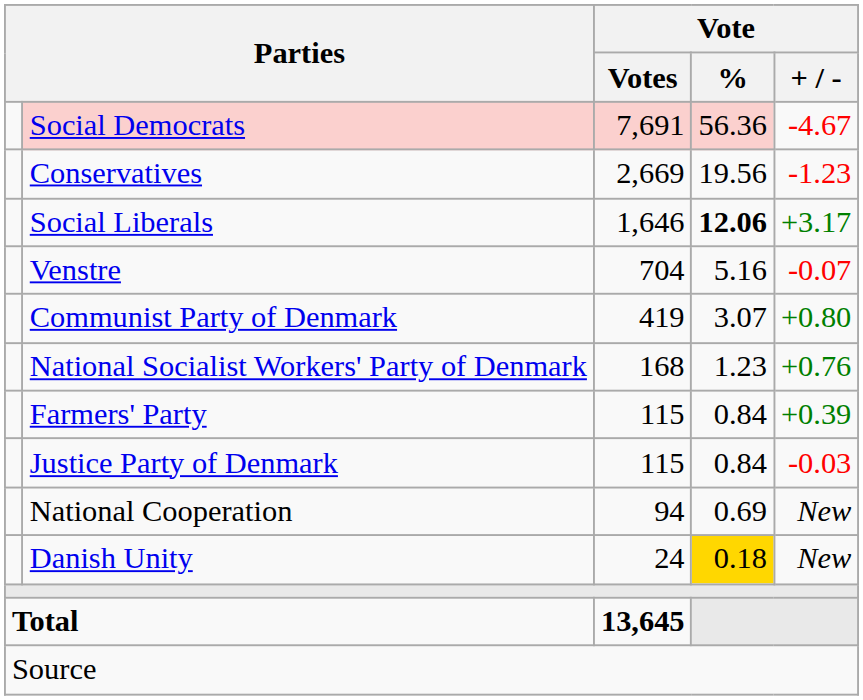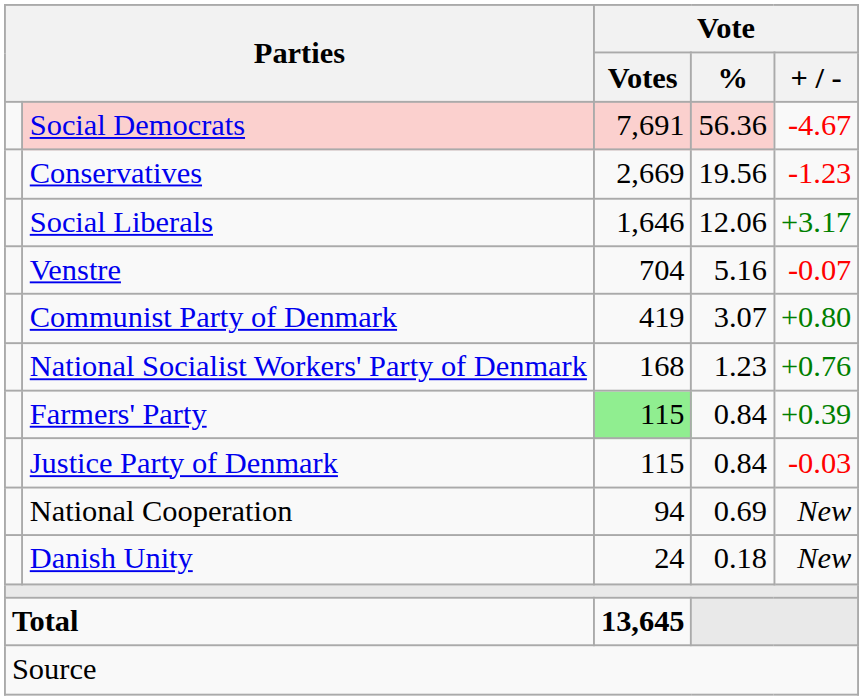 <table class="wikitable" style="text-align:right;">
 <tr>
 <th style="text-align:centre;" rowspan="2" colspan="2" width="225">Parties</th>
 <th colspan="3">Vote</th>
 </tr>
 <tr>
 <th width="15">Votes</th>
 <th width="15">%</th>
 <th width="15">+ / -</th>
 </tr>
 <tr>
 <td width="2" style="color:inherit;background:"></td>
 <td bgcolor=#fbd0ce  align="left"><a href='#'>Social Democrats</a></td>
 <td bgcolor=#fbd0ce>7,691</td>
 <td bgcolor=#fbd0ce>56.36</td>
 <td style=color:red;>-4.67</td>
 </tr>
 <tr>
 <td width="2" style="color:inherit;background:"></td>
 <td align="left"><a href='#'>Conservatives</a></td>
 <td>2,669</td>
 <td>19.56</td>
 <td style=color:red;>-1.23</td>
 </tr>
 <tr>
 <td width="2" style="color:inherit;background:"></td>
 <td align="left"><a href='#'>Social Liberals</a></td>
 <td>1,646</td>
-<td><strong>12.06</strong></td>
+<td>12.06</td>
 <td style=color:green;>+3.17</td>
 </tr>
 <tr>
 <td width="2" style="color:inherit;background:"></td>
 <td align="left"><a href='#'>Venstre</a></td>
 <td>704</td>
 <td>5.16</td>
 <td style=color:red;>-0.07</td>
 </tr>
 <tr>
 <td width="2" style="color:inherit;background:"></td>
 <td align="left"><a href='#'>Communist Party of Denmark</a></td>
 <td>419</td>
 <td>3.07</td>
 <td style=color:green;>+0.80</td>
 </tr>
 <tr>
 <td width="2" style="color:inherit;background:"></td>
 <td align="left"><a href='#'>National Socialist Workers' Party of Denmark</a></td>
 <td>168</td>
 <td>1.23</td>
 <td style=color:green;>+0.76</td>
 </tr>
 <tr>
 <td width="2" style="color:inherit;background:"></td>
 <td align="left"><a href='#'>Farmers' Party</a></td>
-<td>115</td>
+<td style="background: lightgreen;">115</td>
 <td>0.84</td>
 <td style=color:green;>+0.39</td>
 </tr>
 <tr>
 <td width="2" style="color:inherit;background:"></td>
 <td align="left"><a href='#'>Justice Party of Denmark</a></td>
 <td>115</td>
 <td>0.84</td>
 <td style=color:red;>-0.03</td>
 </tr>
 <tr>
 <td width="2" style="color:inherit;background:"></td>
 <td align="left">National Cooperation</td>
 <td>94</td>
 <td>0.69</td>
 <td><em>New</em></td>
 </tr>
 <tr>
 <td width="2" style="color:inherit;background:"></td>
 <td align="left"><a href='#'>Danish Unity</a></td>
 <td>24</td>
-<td style="background: gold;">0.18</td>
+<td>0.18</td>
 <td><em>New</em></td>
 </tr>
 <tr>
 <td colspan="7" bgcolor="#E9E9E9"></td>
 </tr>
 <tr>
 <td align="left" colspan="2"><strong>Total</strong></td>
 <td><strong>13,645</strong></td>
 <td bgcolor="#E9E9E9" colspan="2"></td>
 </tr>
 <tr>
 <td align="left" colspan="6">Source</td>
 </tr>
 </table>
